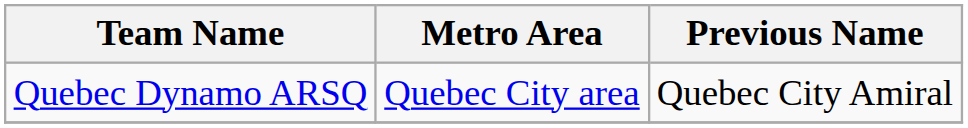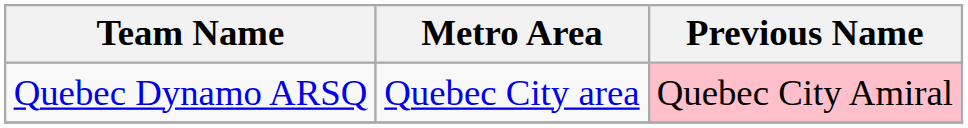 <table class="wikitable">
 <tr>
 <th>Team Name</th>
 <th>Metro Area</th>
 <th>Previous Name</th>
 </tr>
 <tr>
 <td> <a href='#'>Quebec Dynamo ARSQ</a></td>
 <td><a href='#'>Quebec City area</a></td>
-<td>Quebec City Amiral</td>
+<td style="background: pink;">Quebec City Amiral</td>
 </tr>
 <tr>
 </tr>
 </table>
